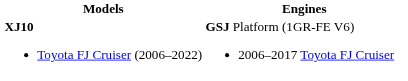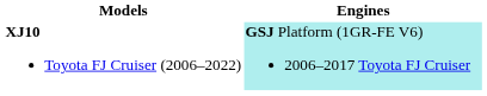 <table>
 <tr>
 <th style="width:50%">Models</th>
 <th>Engines</th>
 </tr>
 <tr>
 <td style="width:50%"><strong>XJ10</strong><br><ul><li><a href='#'>Toyota FJ Cruiser</a> (2006–2022)</li></ul></td>
-<td style="width:50%"><strong>GSJ</strong> Platform (1GR-FE V6)<br><ul><li>2006–2017 <a href='#'>Toyota FJ Cruiser</a></li></ul></td>
+<td style="background: paleturquoise; width:50%"><strong>GSJ</strong> Platform (1GR-FE V6)<br><ul><li>2006–2017 <a href='#'>Toyota FJ Cruiser</a></li></ul></td>
 </tr>
 </table>
